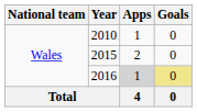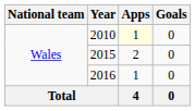 <table class="wikitable" style="text-align: center;">
 <tr>
 <th>National team</th>
 <th>Year</th>
 <th>Apps</th>
 <th>Goals</th>
 </tr>
 <tr>
 <td rowspan=3><a href='#'>Wales</a></td>
 <td>2010</td>
-<td>1</td>
+<td style="background: lightyellow;">1</td>
 <td>0</td>
 </tr>
 <tr>
 <td>2015</td>
 <td>2</td>
 <td>0</td>
 </tr>
 <tr>
 <td>2016</td>
-<td style="background: lightgrey;">1</td>
-<td style="background: khaki;">0</td>
+<td>1</td>
+<td>0</td>
 </tr>
 <tr>
 <th colspan=2>Total</th>
 <th>4</th>
 <th>0</th>
 </tr>
 </table>
